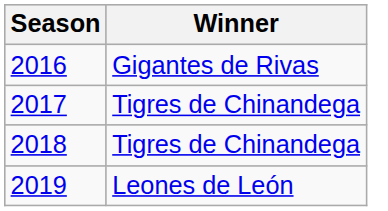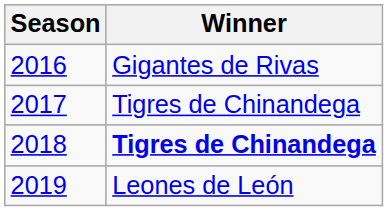 <table class="wikitable">
 <tr>
 <th>Season</th>
 <th>Winner</th>
 </tr>
 <tr>
 <td><a href='#'>2016</a></td>
 <td><a href='#'>Gigantes de Rivas</a></td>
 </tr>
 <tr>
 <td><a href='#'>2017</a></td>
 <td><a href='#'>Tigres de Chinandega</a></td>
 </tr>
 <tr>
 <td><a href='#'>2018</a></td>
-<td><a href='#'>Tigres de Chinandega</a></td>
+<td><strong><a href='#'>Tigres de Chinandega</a></strong></td>
 </tr>
 <tr>
 <td><a href='#'>2019</a></td>
 <td><a href='#'>Leones de León</a></td>
 </tr>
 </table>
